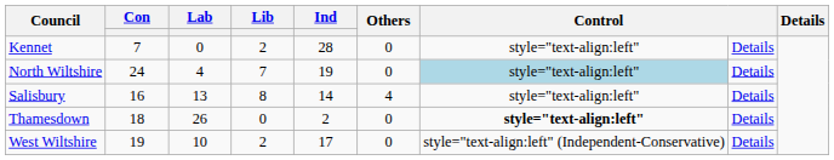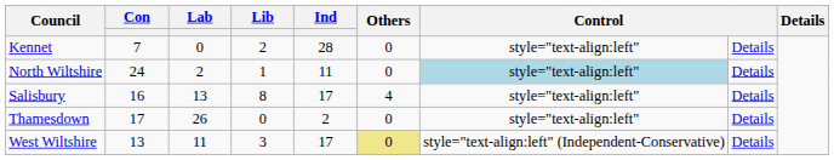 <table class="wikitable" style="text-align:center;">
 <tr>
 <th rowspan=2>Council</th>
 <th style="width:60px;"><a href='#'>Con</a></th>
 <th style="width:60px;"><a href='#'>Lab</a></th>
 <th style="width:60px;"><a href='#'>Lib</a></th>
 <th style="width:60px;"><a href='#'>Ind</a></th>
 <th style="width:60px;" rowspan=2>Others</th>
 <th rowspan=2 colspan=2>Control</th>
 <th rowspan=2>Details</th>
 </tr>
 <tr>
 <th style="background:"></th>
 <th style="background:"></th>
 <th style="background:"></th>
 <th style="background:"></th>
 </tr>
 <tr>
 <td style="text-align:left"><a href='#'>Kennet</a></td>
 <td>7</td>
 <td>0</td>
 <td>2</td>
 <td>28</td>
 <td>0</td>
 <td>style="text-align:left" </td>
 <td style="text-align:left"><a href='#'>Details</a></td>
 </tr>
 <tr>
 <td style="text-align:left"><a href='#'>North Wiltshire</a></td>
 <td>24</td>
-<td>4</td>
-<td>7</td>
-<td>19</td>
+<td>2</td>
+<td>1</td>
+<td>11</td>
 <td>0</td>
 <td style="background: lightblue;">style="text-align:left" </td>
 <td style="text-align:left"><a href='#'>Details</a></td>
 </tr>
 <tr>
 <td style="text-align:left"><a href='#'>Salisbury</a></td>
 <td>16</td>
 <td>13</td>
 <td>8</td>
-<td>14</td>
+<td>17</td>
 <td>4</td>
 <td>style="text-align:left" </td>
 <td style="text-align:left"><a href='#'>Details</a></td>
 </tr>
 <tr>
 <td style="text-align:left"><a href='#'>Thamesdown</a></td>
-<td>18</td>
+<td>17</td>
 <td>26</td>
 <td>0</td>
 <td>2</td>
 <td>0</td>
-<td><strong>style="text-align:left" </strong></td>
+<td>style="text-align:left" </td>
 <td style="text-align:left"><a href='#'>Details</a></td>
 </tr>
 <tr>
 <td style="text-align:left"><a href='#'>West Wiltshire</a></td>
-<td>19</td>
-<td>10</td>
-<td>2</td>
+<td>13</td>
+<td>11</td>
+<td>3</td>
 <td>17</td>
-<td>0</td>
+<td style="background: khaki;">0</td>
 <td>style="text-align:left"  (Independent-Conservative)</td>
 <td style="text-align:left"><a href='#'>Details</a></td>
 </tr>
 </table>
